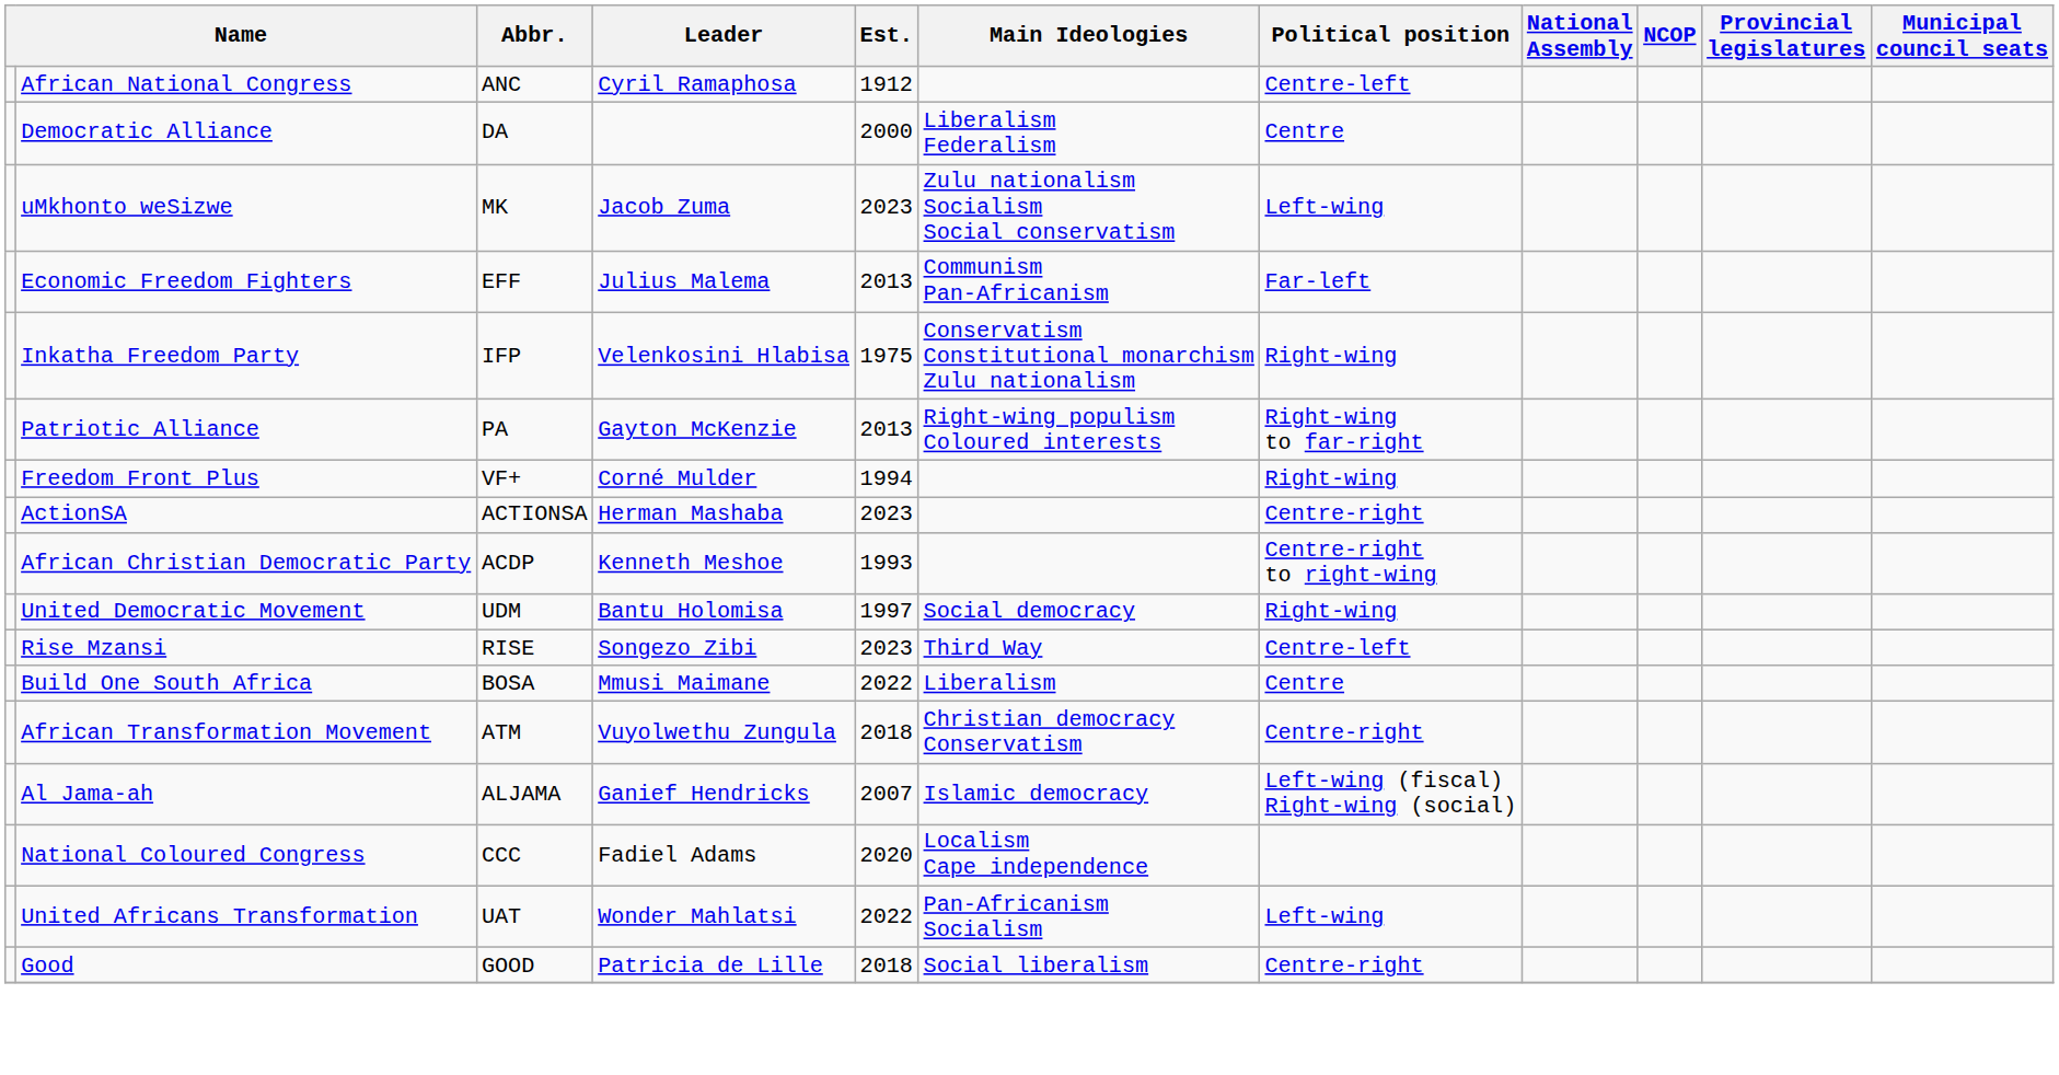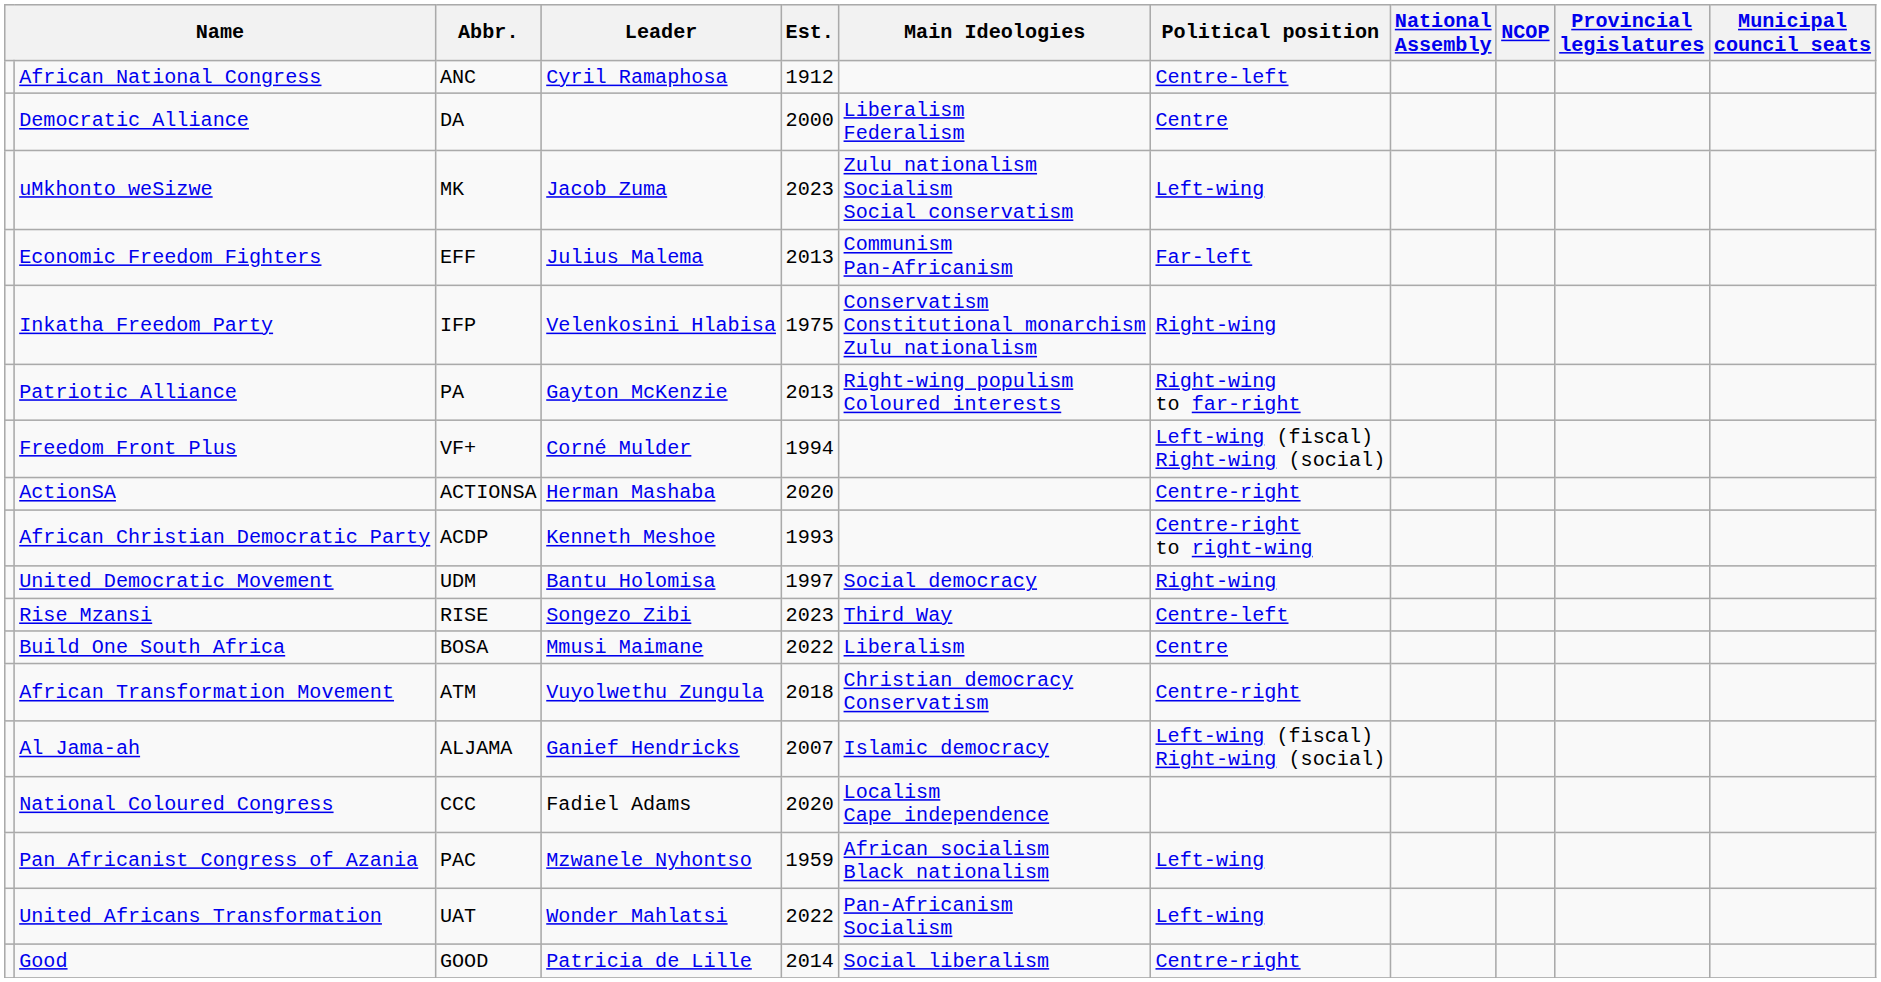 <table class="wikitable sortable">
 <tr>
 <th colspan="2">Name</th>
 <th class=unsortable>Abbr.</th>
 <th>Leader</th>
 <th>Est.</th>
 <th class=unsortable>Main Ideologies</th>
 <th>Political position</th>
 <th><a href='#'>National<br>Assembly</a></th>
 <th><a href='#'>NCOP</a></th>
 <th><a href='#'>Provincial<br>legislatures</a></th>
 <th><a href='#'>Municipal<br>council seats</a></th>
 </tr>
 <tr>
 <td bgcolor=></td>
 <td><a href='#'>African National Congress</a></td>
 <td class="org">ANC</td>
 <td><a href='#'>Cyril Ramaphosa</a></td>
 <td>1912</td>
 <td></td>
 <td><a href='#'>Centre-left</a></td>
 <td></td>
 <td></td>
 <td></td>
 <td></td>
 </tr>
 <tr>
 <td bgcolor=></td>
 <td><a href='#'>Democratic Alliance</a></td>
 <td class="org">DA</td>
 <td></td>
 <td>2000</td>
 <td><a href='#'>Liberalism</a><br><a href='#'>Federalism</a></td>
 <td><a href='#'>Centre</a></td>
 <td></td>
 <td></td>
 <td></td>
 <td></td>
 </tr>
 <tr>
 <td bgcolor= ></td>
 <td><a href='#'>uMkhonto weSizwe</a><br><small></small></td>
 <td>MK</td>
 <td><a href='#'>Jacob Zuma</a></td>
 <td>2023</td>
 <td><a href='#'>Zulu nationalism</a><br><a href='#'>Socialism</a><br><a href='#'>Social conservatism</a></td>
 <td><a href='#'>Left-wing</a></td>
 <td></td>
 <td></td>
 <td></td>
 <td></td>
 </tr>
 <tr>
 <td></td>
 <td><a href='#'>Economic Freedom Fighters</a></td>
 <td class="org">EFF</td>
 <td><a href='#'>Julius Malema</a></td>
 <td>2013</td>
 <td><a href='#'>Communism</a> <br><a href='#'>Pan-Africanism</a></td>
 <td><a href='#'>Far-left</a></td>
 <td></td>
 <td></td>
 <td></td>
 <td></td>
 </tr>
 <tr>
 <td></td>
 <td><a href='#'>Inkatha Freedom Party</a></td>
 <td>IFP</td>
 <td><a href='#'>Velenkosini Hlabisa</a></td>
 <td>1975</td>
 <td><a href='#'>Conservatism</a><br><a href='#'>Constitutional monarchism</a><br><a href='#'>Zulu nationalism</a></td>
 <td><a href='#'>Right-wing</a></td>
 <td></td>
 <td></td>
 <td></td>
 <td></td>
 </tr>
 <tr>
 <td></td>
 <td><a href='#'>Patriotic Alliance</a></td>
 <td>PA</td>
 <td><a href='#'>Gayton McKenzie</a></td>
 <td>2013</td>
 <td><a href='#'>Right-wing populism</a><br><a href='#'>Coloured interests</a></td>
 <td><a href='#'>Right-wing</a><br>to <a href='#'>far-right</a></td>
 <td></td>
 <td></td>
 <td></td>
 <td></td>
 </tr>
 <tr>
 <td></td>
 <td><a href='#'>Freedom Front Plus</a></td>
 <td class="org">VF+</td>
 <td><a href='#'>Corné Mulder</a></td>
 <td>1994</td>
 <td></td>
-<td><a href='#'>Right-wing</a></td>
+<td><a href='#'>Left-wing</a> (fiscal)<br><a href='#'>Right-wing</a> (social)</td>
 <td></td>
 <td></td>
 <td></td>
 <td></td>
 </tr>
 <tr>
 <td></td>
 <td><a href='#'>ActionSA</a></td>
 <td>ACTIONSA</td>
 <td><a href='#'>Herman Mashaba</a></td>
-<td>2023</td>
+<td>2020</td>
 <td></td>
 <td><a href='#'>Centre-right</a></td>
 <td></td>
 <td></td>
 <td></td>
 <td></td>
 </tr>
 <tr>
 <td></td>
 <td><a href='#'>African Christian Democratic Party</a></td>
 <td class="org">ACDP</td>
 <td><a href='#'>Kenneth Meshoe</a></td>
 <td>1993</td>
 <td></td>
 <td><a href='#'>Centre-right</a><br>to <a href='#'>right-wing</a></td>
 <td></td>
 <td></td>
 <td></td>
 <td></td>
 </tr>
 <tr>
 <td></td>
 <td><a href='#'>United Democratic Movement</a></td>
 <td class="org">UDM</td>
 <td><a href='#'>Bantu Holomisa</a></td>
 <td>1997</td>
 <td><a href='#'>Social democracy</a></td>
 <td><a href='#'>Right-wing</a></td>
 <td></td>
 <td></td>
 <td></td>
 <td></td>
 </tr>
 <tr>
 <td></td>
 <td><a href='#'>Rise Mzansi</a></td>
 <td>RISE</td>
 <td><a href='#'>Songezo Zibi</a></td>
 <td>2023</td>
 <td><a href='#'>Third Way</a></td>
 <td><a href='#'>Centre-left</a></td>
 <td></td>
 <td></td>
 <td></td>
 <td></td>
 </tr>
 <tr>
 <td></td>
 <td><a href='#'>Build One South Africa</a></td>
 <td>BOSA</td>
 <td><a href='#'>Mmusi Maimane</a></td>
 <td>2022</td>
 <td><a href='#'>Liberalism</a></td>
 <td><a href='#'>Centre</a></td>
 <td></td>
 <td></td>
 <td></td>
 <td></td>
 </tr>
 <tr>
 <td></td>
 <td><a href='#'>African Transformation Movement</a></td>
 <td>ATM</td>
 <td><a href='#'>Vuyolwethu Zungula</a></td>
 <td>2018</td>
 <td><a href='#'>Christian democracy</a><br><a href='#'>Conservatism</a></td>
 <td><a href='#'>Centre-right</a></td>
 <td></td>
 <td></td>
 <td></td>
 <td></td>
 </tr>
 <tr>
 <td></td>
 <td><a href='#'>Al Jama-ah</a></td>
 <td class="org">ALJAMA</td>
 <td><a href='#'>Ganief Hendricks</a></td>
 <td>2007</td>
 <td><a href='#'>Islamic democracy</a></td>
 <td><a href='#'>Left-wing</a> (fiscal)<br><a href='#'>Right-wing</a> (social)</td>
 <td></td>
 <td></td>
 <td></td>
 <td></td>
 </tr>
 <tr>
 <td></td>
 <td><a href='#'>National Coloured Congress</a></td>
 <td>CCC</td>
 <td>Fadiel Adams</td>
 <td>2020</td>
 <td><a href='#'>Localism</a><br><a href='#'>Cape independence</a></td>
 <td></td>
 <td></td>
 <td></td>
 <td></td>
 <td></td>
 </tr>
 <tr>
 <td></td>
+<td><a href='#'>Pan Africanist Congress of Azania</a></td>
+<td class="org">PAC</td>
+<td><a href='#'>Mzwanele Nyhontso</a></td>
+<td>1959</td>
+<td><a href='#'>African socialism</a><br><a href='#'>Black nationalism</a></td>
+<td><a href='#'>Left-wing</a></td>
+<td></td>
+<td></td>
+<td></td>
+<td></td>
+</tr>
+<tr>
+<td></td>
 <td><a href='#'>United Africans Transformation</a></td>
 <td>UAT</td>
 <td><a href='#'>Wonder Mahlatsi</a></td>
 <td>2022</td>
 <td><a href='#'>Pan-Africanism</a><br><a href='#'>Socialism</a></td>
 <td><a href='#'>Left-wing</a></td>
 <td></td>
 <td></td>
 <td></td>
 <td></td>
 </tr>
 <tr>
 <td></td>
 <td><a href='#'>Good</a></td>
 <td class="org">GOOD</td>
 <td><a href='#'>Patricia de Lille</a></td>
-<td>2018</td>
+<td>2014</td>
 <td><a href='#'>Social liberalism</a></td>
 <td><a href='#'>Centre-right</a></td>
 <td></td>
 <td></td>
 <td></td>
 <td></td>
 </tr>
 <tr>
 </tr>
 </table>
